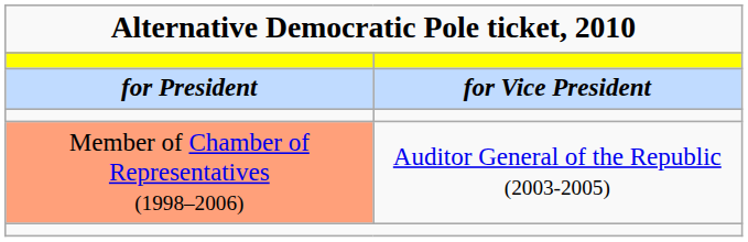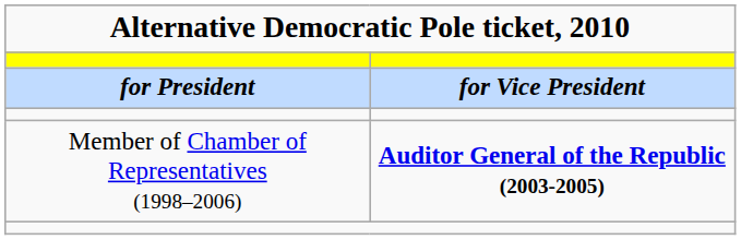 <table class="wikitable" style="font-size:90%; text-align:center;">
 <tr>
 <td colspan="28"><big><strong>Alternative Democratic Pole ticket, 2010</strong></big></td>
 </tr>
 <tr>
 <th style="width:3em; font-size:135%; background:#FFFF00; width:200px;"></th>
 <th style="width:3em; font-size:135%; background:#FFFF00; width:200px;"></th>
 </tr>
 <tr style="color:#000; font-size:100%; background:#C0DBFF;">
 <td style="width:3em; width:200px;"><strong><em>for President</em></strong></td>
 <td style="width:3em; width:200px;"><strong><em>for Vice President</em></strong></td>
 </tr>
 <tr>
 <td></td>
 <td></td>
 </tr>
 <tr>
-<td style="background: lightsalmon;">Member of <a href='#'>Chamber of Representatives</a><br><small>(1998–2006)</small></td>
-<td><a href='#'>Auditor General of the Republic</a><br><small>(2003-2005)</small></td>
+<td>Member of <a href='#'>Chamber of Representatives</a><br><small>(1998–2006)</small></td>
+<td><strong><a href='#'>Auditor General of the Republic</a><br><small>(2003-2005)</small></strong></td>
 </tr>
 <tr>
 <td colspan="2"></td>
 </tr>
 </table>
